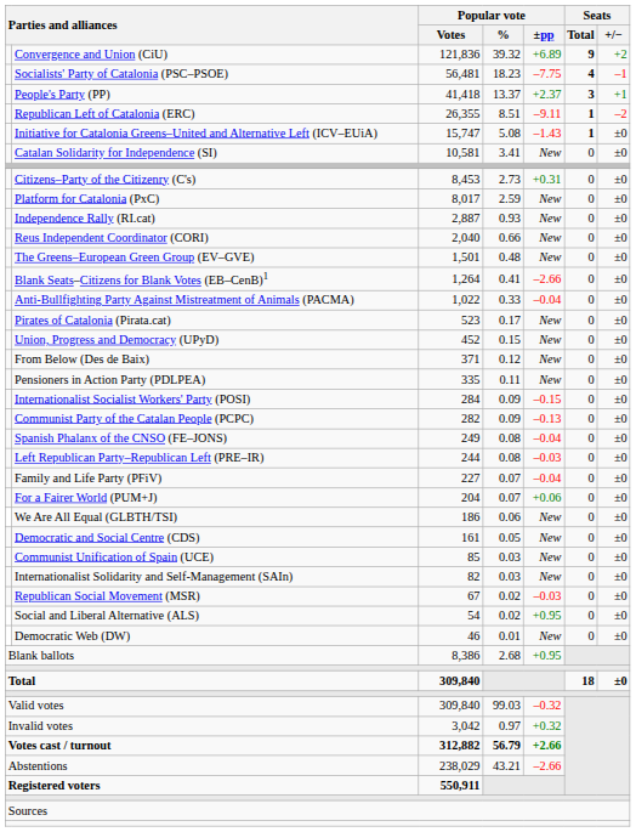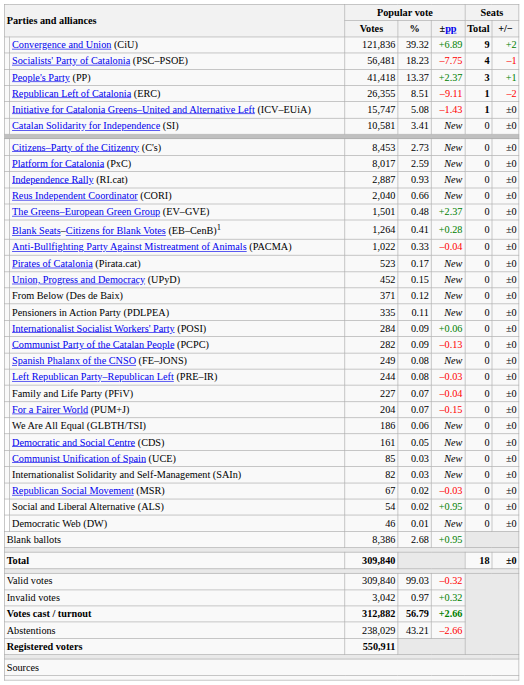 <table class="wikitable" style="text-align:right;">
 <tr>
 <th style="text-align:left;" rowspan="2" colspan="2" width="525">Parties and alliances</th>
 <th colspan="3">Popular vote</th>
 <th colspan="2">Seats</th>
 </tr>
 <tr>
 <th width="75">Votes</th>
 <th width="45">%</th>
 <th width="45">±<a href='#'>pp</a></th>
 <th width="35">Total</th>
 <th width="35">+/−</th>
 </tr>
 <tr>
 <td width="1" style="color:inherit;background:"></td>
 <td align="left"><a href='#'>Convergence and Union</a> (CiU)</td>
 <td>121,836</td>
 <td>39.32</td>
 <td style="color:green;">+6.89</td>
 <td><strong>9</strong></td>
 <td style="color:green;">+2</td>
 </tr>
 <tr>
 <td style="color:inherit;background:"></td>
 <td align="left"><a href='#'>Socialists' Party of Catalonia</a> (PSC–PSOE)</td>
 <td>56,481</td>
 <td>18.23</td>
 <td style="color:red;">–7.75</td>
 <td><strong>4</strong></td>
 <td style="color:red;">–1</td>
 </tr>
 <tr>
 <td style="color:inherit;background:"></td>
 <td align="left"><a href='#'>People's Party</a> (PP)</td>
 <td>41,418</td>
 <td>13.37</td>
 <td style="color:green;">+2.37</td>
 <td><strong>3</strong></td>
 <td style="color:green;">+1</td>
 </tr>
 <tr>
 <td style="color:inherit;background:"></td>
 <td align="left"><a href='#'>Republican Left of Catalonia</a> (ERC)</td>
 <td>26,355</td>
 <td>8.51</td>
 <td style="color:red;">–9.11</td>
 <td><strong>1</strong></td>
 <td style="color:red;">–2</td>
 </tr>
 <tr>
 <td style="color:inherit;background:"></td>
 <td align="left"><a href='#'>Initiative for Catalonia Greens–United and Alternative Left</a> (ICV–EUiA)</td>
 <td>15,747</td>
 <td>5.08</td>
 <td style="color:red;">–1.43</td>
 <td><strong>1</strong></td>
 <td>±0</td>
 </tr>
 <tr>
 <td style="color:inherit;background:"></td>
 <td align="left"><a href='#'>Catalan Solidarity for Independence</a> (SI)</td>
 <td>10,581</td>
 <td>3.41</td>
 <td><em>New</em></td>
 <td>0</td>
 <td>±0</td>
 </tr>
 <tr>
 <td colspan="7" bgcolor="#C0C0C0"></td>
 </tr>
 <tr>
 <td style="color:inherit;background:"></td>
 <td align="left"><a href='#'>Citizens–Party of the Citizenry</a> (C's)</td>
 <td>8,453</td>
 <td>2.73</td>
-<td style="color:green;">+0.31</td>
+<td><em>New</em></td>
 <td>0</td>
 <td>±0</td>
 </tr>
 <tr>
 <td style="color:inherit;background:"></td>
 <td align="left"><a href='#'>Platform for Catalonia</a> (PxC)</td>
 <td>8,017</td>
 <td>2.59</td>
 <td><em>New</em></td>
 <td>0</td>
 <td>±0</td>
 </tr>
 <tr>
 <td style="color:inherit;background:"></td>
 <td align="left"><a href='#'>Independence Rally</a> (RI.cat)</td>
 <td>2,887</td>
 <td>0.93</td>
 <td><em>New</em></td>
 <td>0</td>
 <td>±0</td>
 </tr>
 <tr>
 <td style="color:inherit;background:"></td>
 <td align="left"><a href='#'>Reus Independent Coordinator</a> (CORI)</td>
 <td>2,040</td>
 <td>0.66</td>
 <td><em>New</em></td>
 <td>0</td>
 <td>±0</td>
 </tr>
 <tr>
 <td style="color:inherit;background:"></td>
 <td align="left"><a href='#'>The Greens–European Green Group</a> (EV–GVE)</td>
 <td>1,501</td>
 <td>0.48</td>
-<td><em>New</em></td>
+<td style="color:green;">+2.37</td>
 <td>0</td>
 <td>±0</td>
 </tr>
 <tr>
 <td style="color:inherit;background:"></td>
 <td align="left"><a href='#'>Blank Seats</a>–<a href='#'>Citizens for Blank Votes</a> (EB–CenB)<sup>1</sup></td>
 <td>1,264</td>
 <td>0.41</td>
-<td style="color:red;">–2.66</td>
+<td style="color:green;">+0.28</td>
 <td>0</td>
 <td>±0</td>
 </tr>
 <tr>
 <td style="color:inherit;background:"></td>
 <td align="left"><a href='#'>Anti-Bullfighting Party Against Mistreatment of Animals</a> (PACMA)</td>
 <td>1,022</td>
 <td>0.33</td>
 <td style="color:red;">–0.04</td>
 <td>0</td>
 <td>±0</td>
 </tr>
 <tr>
 <td style="color:inherit;background:"></td>
 <td align="left"><a href='#'>Pirates of Catalonia</a> (Pirata.cat)</td>
 <td>523</td>
 <td>0.17</td>
 <td><em>New</em></td>
 <td>0</td>
 <td>±0</td>
 </tr>
 <tr>
 <td style="color:inherit;background:"></td>
 <td align="left"><a href='#'>Union, Progress and Democracy</a> (UPyD)</td>
 <td>452</td>
 <td>0.15</td>
 <td><em>New</em></td>
 <td>0</td>
 <td>±0</td>
 </tr>
 <tr>
 <td style="color:inherit;background:"></td>
 <td align="left">From Below (Des de Baix)</td>
 <td>371</td>
 <td>0.12</td>
 <td><em>New</em></td>
 <td>0</td>
 <td>±0</td>
 </tr>
 <tr>
 <td style="color:inherit;background:"></td>
 <td align="left">Pensioners in Action Party (PDLPEA)</td>
 <td>335</td>
 <td>0.11</td>
 <td><em>New</em></td>
 <td>0</td>
 <td>±0</td>
 </tr>
 <tr>
 <td style="color:inherit;background:"></td>
 <td align="left"><a href='#'>Internationalist Socialist Workers' Party</a> (POSI)</td>
 <td>284</td>
 <td>0.09</td>
-<td style="color:red;">–0.15</td>
+<td style="color:green;">+0.06</td>
 <td>0</td>
 <td>±0</td>
 </tr>
 <tr>
 <td style="color:inherit;background:"></td>
 <td align="left"><a href='#'>Communist Party of the Catalan People</a> (PCPC)</td>
 <td>282</td>
 <td>0.09</td>
 <td style="color:red;">–0.13</td>
 <td>0</td>
 <td>±0</td>
 </tr>
 <tr>
 <td style="color:inherit;background:"></td>
 <td align="left"><a href='#'>Spanish Phalanx of the CNSO</a> (FE–JONS)</td>
 <td>249</td>
 <td>0.08</td>
-<td style="color:red;">–0.04</td>
+<td><em>New</em></td>
 <td>0</td>
 <td>±0</td>
 </tr>
 <tr>
 <td style="color:inherit;background:"></td>
 <td align="left"><a href='#'>Left Republican Party–Republican Left</a> (PRE–IR)</td>
 <td>244</td>
 <td>0.08</td>
 <td style="color:red;">–0.03</td>
 <td>0</td>
 <td>±0</td>
 </tr>
 <tr>
 <td style="color:inherit;background:"></td>
 <td align="left">Family and Life Party (PFiV)</td>
 <td>227</td>
 <td>0.07</td>
 <td style="color:red;">–0.04</td>
 <td>0</td>
 <td>±0</td>
 </tr>
 <tr>
 <td style="color:inherit;background:"></td>
 <td align="left"><a href='#'>For a Fairer World</a> (PUM+J)</td>
 <td>204</td>
 <td>0.07</td>
-<td style="color:green;">+0.06</td>
+<td style="color:red;">–0.15</td>
 <td>0</td>
 <td>±0</td>
 </tr>
 <tr>
 <td bgcolor="white"></td>
 <td align="left">We Are All Equal (GLBTH/TSI)</td>
 <td>186</td>
 <td>0.06</td>
 <td><em>New</em></td>
 <td>0</td>
 <td>±0</td>
 </tr>
 <tr>
 <td style="color:inherit;background:"></td>
 <td align="left"><a href='#'>Democratic and Social Centre</a> (CDS)</td>
 <td>161</td>
 <td>0.05</td>
 <td><em>New</em></td>
 <td>0</td>
 <td>±0</td>
 </tr>
 <tr>
 <td style="color:inherit;background:"></td>
 <td align="left"><a href='#'>Communist Unification of Spain</a> (UCE)</td>
 <td>85</td>
 <td>0.03</td>
 <td><em>New</em></td>
 <td>0</td>
 <td>±0</td>
 </tr>
 <tr>
 <td style="color:inherit;background:"></td>
 <td align="left">Internationalist Solidarity and Self-Management (SAIn)</td>
 <td>82</td>
 <td>0.03</td>
 <td><em>New</em></td>
 <td>0</td>
 <td>±0</td>
 </tr>
 <tr>
 <td style="color:inherit;background:"></td>
 <td align="left"><a href='#'>Republican Social Movement</a> (MSR)</td>
 <td>67</td>
 <td>0.02</td>
 <td style="color:red;">–0.03</td>
 <td>0</td>
 <td>±0</td>
 </tr>
 <tr>
 <td bgcolor="white"></td>
 <td align="left">Social and Liberal Alternative (ALS)</td>
 <td>54</td>
 <td>0.02</td>
 <td style="color:green;">+0.95</td>
 <td>0</td>
 <td>±0</td>
 </tr>
 <tr>
 <td bgcolor="white"></td>
 <td align="left">Democratic Web (DW)</td>
 <td>46</td>
 <td>0.01</td>
 <td><em>New</em></td>
 <td>0</td>
 <td>±0</td>
 </tr>
 <tr>
 <td align="left" colspan="2">Blank ballots</td>
 <td>8,386</td>
 <td>2.68</td>
 <td style="color:green;">+0.95</td>
 <td bgcolor="#E9E9E9" colspan="2"></td>
 </tr>
 <tr>
 <td colspan="7" bgcolor="#E9E9E9"></td>
 </tr>
 <tr style="font-weight:bold;">
 <td align="left" colspan="2">Total</td>
 <td>309,840</td>
 <td bgcolor="#E9E9E9" colspan="2"></td>
 <td>18</td>
 <td>±0</td>
 </tr>
 <tr>
 <td colspan="7" bgcolor="#E9E9E9"></td>
 </tr>
 <tr>
 <td align="left" colspan="2">Valid votes</td>
 <td>309,840</td>
 <td>99.03</td>
 <td style="color:red;">–0.32</td>
 <td bgcolor="#E9E9E9" colspan="2" rowspan="5"></td>
 </tr>
 <tr>
 <td align="left" colspan="2">Invalid votes</td>
 <td>3,042</td>
 <td>0.97</td>
 <td style="color:green;">+0.32</td>
 </tr>
 <tr style="font-weight:bold;">
 <td align="left" colspan="2">Votes cast / turnout</td>
 <td>312,882</td>
 <td>56.79</td>
 <td style="color:green;">+2.66</td>
 </tr>
 <tr>
 <td align="left" colspan="2">Abstentions</td>
 <td>238,029</td>
 <td>43.21</td>
 <td style="color:red;">–2.66</td>
 </tr>
 <tr style="font-weight:bold;">
 <td align="left" colspan="2">Registered voters</td>
 <td>550,911</td>
 <td bgcolor="#E9E9E9" colspan="2"></td>
 </tr>
 <tr>
 <td colspan="7" bgcolor="#E9E9E9"></td>
 </tr>
 <tr>
 <td align="left" colspan="7">Sources</td>
 </tr>
 <tr>
 <td colspan="7" style="text-align:left; max-width:790px;"></td>
 </tr>
 </table>
